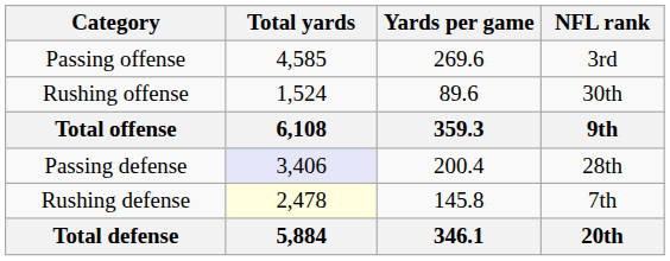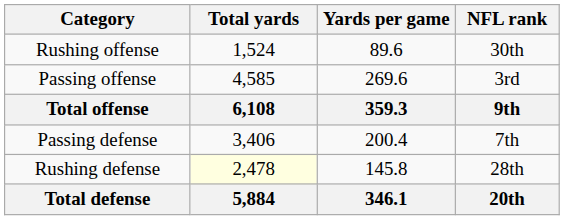 <table class="wikitable" style="text-align:center">
 <tr>
 <th width="150">Category</th>
 <th width="100">Total yards</th>
 <th width="110">Yards per game</th>
 <th width="80">NFL rank<br></th>
 </tr>
 <tr>
+<td>Rushing offense</td>
+<td>1,524</td>
+<td>89.6</td>
+<td>30th</td>
+</tr>
+<tr>
 <td>Passing offense</td>
 <td>4,585</td>
 <td>269.6</td>
 <td>3rd</td>
-</tr>
-<tr>
-<td>Rushing offense</td>
-<td>1,524</td>
-<td>89.6</td>
-<td>30th</td>
 </tr>
 <tr>
 <th>Total offense</th>
 <th>6,108</th>
 <th>359.3</th>
 <th>9th</th>
 </tr>
 <tr>
 <td>Passing defense</td>
-<td style="background: lavender;">3,406</td>
+<td>3,406</td>
 <td>200.4</td>
-<td>28th</td>
+<td>7th</td>
 </tr>
 <tr>
 <td>Rushing defense</td>
 <td style="background: lightyellow;">2,478</td>
 <td>145.8</td>
-<td>7th</td>
+<td>28th</td>
 </tr>
 <tr>
 <th>Total defense</th>
 <th>5,884</th>
 <th>346.1</th>
 <th>20th</th>
 </tr>
 </table>
